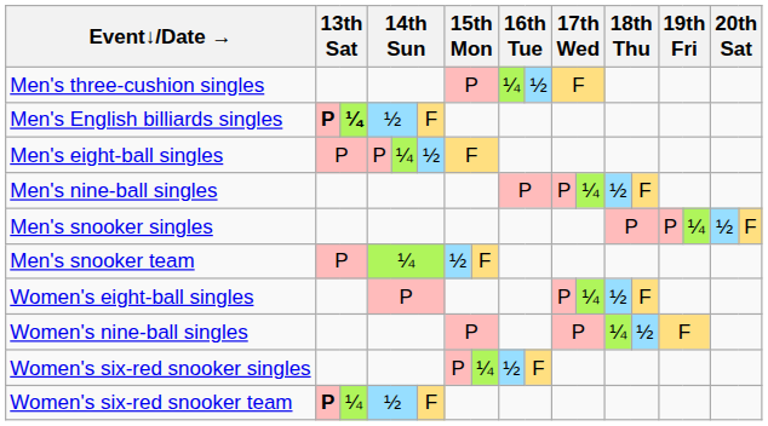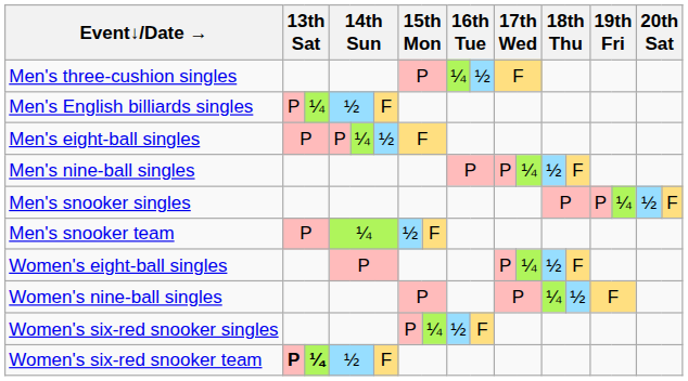 <table class="wikitable" style="margin:0.5em auto; font-size:90%; line-height:1.25em; text-align:center">
 <tr>
 <th>Event↓/Date →</th>
 <th colspan=2>13th<br>Sat</th>
 <th colspan=3>14th<br>Sun</th>
 <th colspan=2>15th<br>Mon</th>
 <th colspan=2>16th<br>Tue</th>
 <th colspan=2>17th<br>Wed</th>
 <th colspan=2>18th<br>Thu</th>
 <th colspan=2>19th<br>Fri</th>
 <th colspan=2>20th<br>Sat</th>
 </tr>
 <tr>
 <td align="left"><a href='#'>Men's three-cushion singles</a></td>
 <td colspan=2></td>
 <td colspan=3></td>
 <td colspan=2 bgcolor="#FFBBBB">P</td>
 <td bgcolor="#AFF55B">¼</td>
 <td bgcolor="#97DEFF">½</td>
 <td colspan=2 bgcolor="#FFDF80">F</td>
 <td colspan=2></td>
 <td colspan=2></td>
 <td colspan=2></td>
 </tr>
 <tr>
 <td align="left"><a href='#'>Men's English billiards singles</a></td>
-<td bgcolor="#FFBBBB"><strong>P</strong></td>
-<td bgcolor="#AFF55B"><strong>¼</strong></td>
+<td bgcolor="#FFBBBB">P</td>
+<td bgcolor="#AFF55B">¼</td>
 <td colspan=2 bgcolor="#97DEFF">½</td>
 <td bgcolor="#FFDF80">F</td>
 <td colspan=2></td>
 <td colspan=2></td>
 <td colspan=2></td>
 <td colspan=2></td>
 <td colspan=2></td>
 <td colspan=2></td>
 </tr>
 <tr>
 <td align="left"><a href='#'>Men's eight-ball singles</a></td>
 <td colspan=2 bgcolor="#FFBBBB">P</td>
 <td bgcolor="#FFBBBB">P</td>
 <td bgcolor="#AFF55B">¼</td>
 <td bgcolor="#97DEFF">½</td>
 <td colspan=2 bgcolor="#FFDF80">F</td>
 <td colspan=2></td>
 <td colspan=2></td>
 <td colspan=2></td>
 <td colspan=2></td>
 <td colspan=2></td>
 </tr>
 <tr>
 <td align="left"><a href='#'>Men's nine-ball singles</a></td>
 <td colspan=2></td>
 <td colspan=3></td>
 <td colspan=2></td>
 <td colspan=2 bgcolor="#FFBBBB">P</td>
 <td bgcolor="#FFBBBB">P</td>
 <td bgcolor="#AFF55B">¼</td>
 <td bgcolor="#97DEFF">½</td>
 <td bgcolor="#FFDF80">F</td>
 <td colspan=2></td>
 <td colspan=2></td>
 </tr>
 <tr>
 <td align="left"><a href='#'>Men's snooker singles</a></td>
 <td colspan=2></td>
 <td colspan=3></td>
 <td colspan=2></td>
 <td colspan=2></td>
 <td colspan=2></td>
 <td colspan=2 bgcolor="#FFBBBB">P</td>
 <td bgcolor="#FFBBBB">P</td>
 <td bgcolor="#AFF55B">¼</td>
 <td bgcolor="#97DEFF">½</td>
 <td bgcolor="#FFDF80">F</td>
 </tr>
 <tr>
 <td align="left"><a href='#'>Men's snooker team</a></td>
 <td colspan=2 bgcolor="#FFBBBB">P</td>
 <td colspan=3 bgcolor="#AFF55B">¼</td>
 <td bgcolor="#97DEFF">½</td>
 <td bgcolor="#FFDF80">F</td>
 <td colspan=2></td>
 <td colspan=2></td>
 <td colspan=2></td>
 <td colspan=2></td>
 <td colspan=2></td>
 </tr>
 <tr>
 <td align="left"><a href='#'>Women's eight-ball singles</a></td>
 <td colspan=2></td>
 <td colspan=3 bgcolor="#FFBBBB">P</td>
 <td colspan=2></td>
 <td colspan=2></td>
 <td bgcolor="#FFBBBB">P</td>
 <td bgcolor="#AFF55B">¼</td>
 <td bgcolor="#97DEFF">½</td>
 <td bgcolor="#FFDF80">F</td>
 <td colspan=2></td>
 <td colspan=2></td>
 </tr>
 <tr>
 <td align="left"><a href='#'>Women's nine-ball singles</a></td>
 <td colspan=2></td>
 <td colspan=3></td>
 <td colspan=2 bgcolor="#FFBBBB">P</td>
 <td colspan=2></td>
 <td colspan=2 bgcolor="#FFBBBB">P</td>
 <td bgcolor="#AFF55B">¼</td>
 <td bgcolor="#97DEFF">½</td>
 <td colspan=2 bgcolor="#FFDF80">F</td>
 <td colspan=2></td>
 </tr>
 <tr>
 <td align="left"><a href='#'>Women's six-red snooker singles</a></td>
 <td colspan=2></td>
 <td colspan=3></td>
 <td bgcolor="#FFBBBB">P</td>
 <td bgcolor="#AFF55B">¼</td>
 <td bgcolor="#97DEFF">½</td>
 <td bgcolor="#FFDF80">F</td>
 <td colspan=2></td>
 <td colspan=2></td>
 <td colspan=2></td>
 <td colspan=2></td>
 </tr>
 <tr>
 <td align="left"><a href='#'>Women's six-red snooker team</a></td>
 <td bgcolor="#FFBBBB"><strong>P</strong></td>
-<td bgcolor="#AFF55B">¼</td>
+<td bgcolor="#AFF55B"><strong>¼</strong></td>
 <td colspan=2 bgcolor="#97DEFF">½</td>
 <td bgcolor="#FFDF80">F</td>
 <td colspan=2></td>
 <td colspan=2></td>
 <td colspan=2></td>
 <td colspan=2></td>
 <td colspan=2></td>
 <td colspan=2></td>
 </tr>
 </table>
